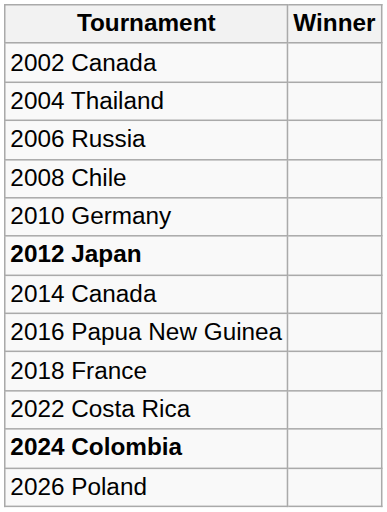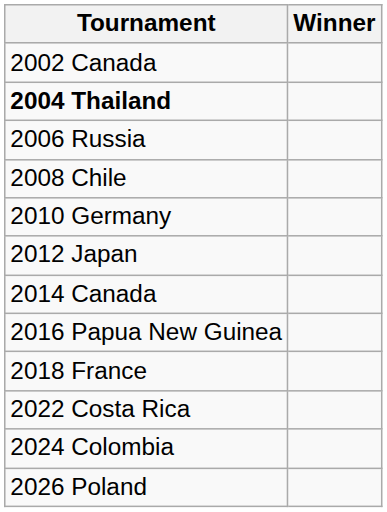 <table class="wikitable">
 <tr>
 <th>Tournament</th>
 <th>Winner</th>
 </tr>
 <tr>
 <td>2002 Canada</td>
 <td align=left></td>
 </tr>
 <tr>
-<td>2004 Thailand</td>
+<td><strong>2004 Thailand</strong></td>
 <td align=left></td>
 </tr>
 <tr>
 <td>2006 Russia</td>
 <td align=left><br></td>
 </tr>
 <tr>
 <td>2008 Chile</td>
 <td align=left></td>
 </tr>
 <tr>
 <td>2010 Germany</td>
 <td align=left></td>
 </tr>
 <tr>
-<td><strong>2012 Japan</strong></td>
+<td>2012 Japan</td>
 <td align=left></td>
 </tr>
 <tr>
 <td>2014 Canada</td>
 <td align=left></td>
 </tr>
 <tr>
 <td>2016 Papua New Guinea</td>
 <td align=left></td>
 </tr>
 <tr>
 <td>2018 France</td>
 <td align=left></td>
 </tr>
 <tr>
 <td>2022 Costa Rica</td>
 <td align=left></td>
 </tr>
 <tr>
-<td><strong>2024 Colombia</strong></td>
+<td>2024 Colombia</td>
 <td align=left></td>
 </tr>
 <tr>
 <td>2026 Poland</td>
 <td></td>
 </tr>
 </table>
